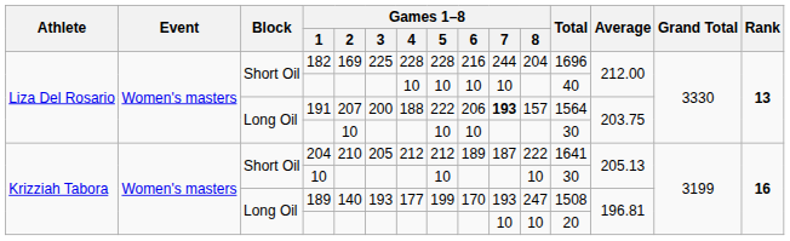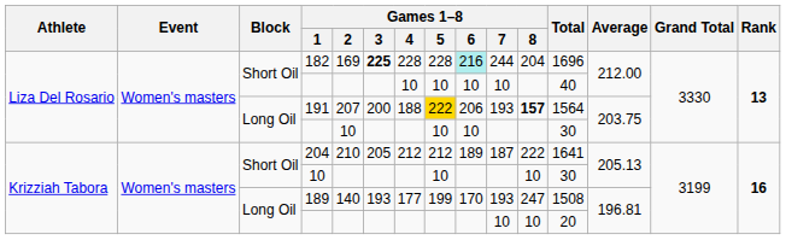 <table class="wikitable" style="font-size:90%;">
 <tr>
 <th rowspan=2>Athlete</th>
 <th rowspan=2>Event</th>
 <th rowspan=2>Block</th>
 <th colspan=8>Games 1–8</th>
 <th rowspan=2>Total</th>
 <th rowspan=2>Average</th>
 <th rowspan=2>Grand Total</th>
 <th rowspan=2>Rank</th>
 </tr>
 <tr>
 <th>1</th>
 <th>2</th>
 <th>3</th>
 <th>4</th>
 <th>5</th>
 <th>6</th>
 <th>7</th>
 <th>8</th>
 </tr>
 <tr>
 <td rowspan=4><a href='#'>Liza Del Rosario</a></td>
 <td rowspan=4><a href='#'>Women's masters</a></td>
 <td rowspan=2>Short Oil</td>
 <td align=center>182</td>
 <td align=center>169</td>
-<td align=center>225</td>
+<td align=center><strong>225</strong></td>
 <td align=center>228</td>
 <td align=center>228</td>
-<td align=center>216</td>
+<td align=center style="background: paleturquoise;">216</td>
 <td align=center>244</td>
 <td align=center>204</td>
 <td align=center>1696</td>
 <td rowspan=2 align=center>212.00</td>
 <td rowspan=4 style="text-align:center">3330</td>
 <td rowspan=4 align=center><strong>13</strong></td>
 </tr>
 <tr>
 <td align=center></td>
 <td align=center></td>
 <td align=center></td>
 <td align=center>10</td>
 <td align=center>10</td>
 <td align=center>10</td>
 <td align=center>10</td>
 <td align=center></td>
 <td align=center>40</td>
 </tr>
 <tr>
 <td rowspan=2>Long Oil</td>
 <td align=center>191</td>
 <td align=center>207</td>
 <td align=center>200</td>
 <td align=center>188</td>
-<td align=center>222</td>
+<td align=center style="background: gold;">222</td>
 <td align=center>206</td>
-<td align=center><strong>193</strong></td>
-<td align=center>157</td>
+<td align=center>193</td>
+<td align=center><strong>157</strong></td>
 <td align=center>1564</td>
 <td rowspan=2 align=center>203.75</td>
 </tr>
 <tr>
 <td align=center></td>
 <td align=center>10</td>
 <td align=center></td>
 <td align=center></td>
 <td align=center>10</td>
 <td align=center>10</td>
 <td align=center></td>
 <td align=center></td>
 <td align=center>30</td>
 </tr>
 <tr>
 <td rowspan=4><a href='#'>Krizziah Tabora</a></td>
 <td rowspan=4><a href='#'>Women's masters</a></td>
 <td rowspan=2>Short Oil</td>
 <td align=center>204</td>
 <td align=center>210</td>
 <td align=center>205</td>
 <td align=center>212</td>
 <td align=center>212</td>
 <td align=center>189</td>
 <td align=center>187</td>
 <td align=center>222</td>
 <td align=center>1641</td>
 <td rowspan=2 align=center>205.13</td>
 <td rowspan=4 style="text-align:center">3199</td>
 <td rowspan=4 align=center><strong>16</strong></td>
 </tr>
 <tr>
 <td align=center>10</td>
 <td align=center></td>
 <td align=center></td>
 <td align=center></td>
 <td align=center>10</td>
 <td align=center></td>
 <td align=center></td>
 <td align=center>10</td>
 <td align=center>30</td>
 </tr>
 <tr>
 <td rowspan=2>Long Oil</td>
 <td align=center>189</td>
 <td align=center>140</td>
 <td align=center>193</td>
 <td align=center>177</td>
 <td align=center>199</td>
 <td align=center>170</td>
 <td align=center>193</td>
 <td align=center>247</td>
 <td align=center>1508</td>
 <td rowspan=2 align=center>196.81</td>
 </tr>
 <tr>
 <td align=center></td>
 <td align=center></td>
 <td align=center></td>
 <td align=center></td>
 <td align=center></td>
 <td align=center></td>
 <td align=center>10</td>
 <td align=center>10</td>
 <td align=center>20</td>
 </tr>
 </table>
